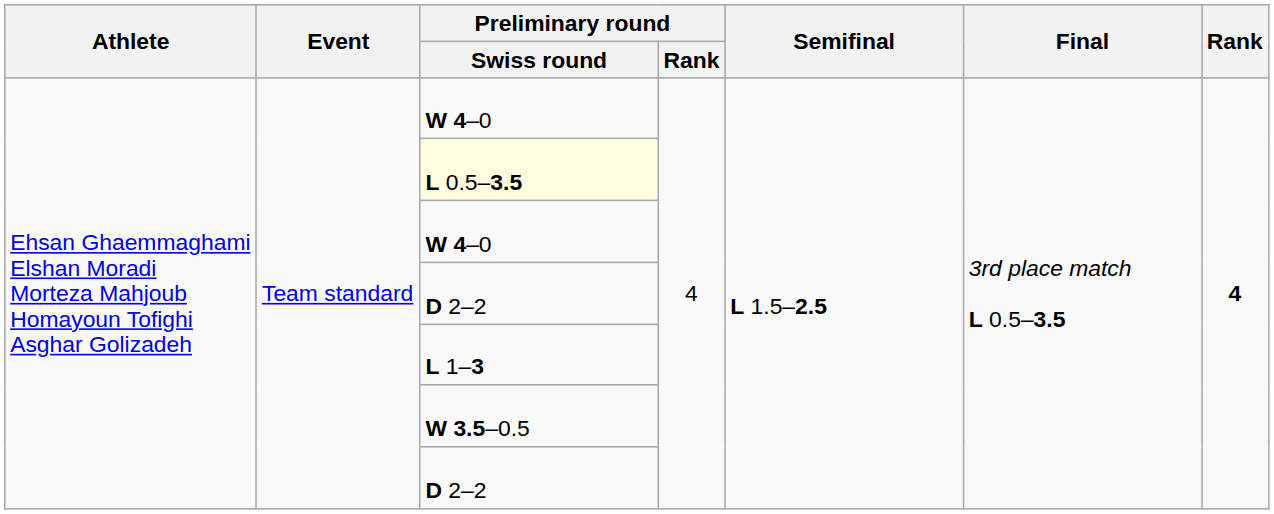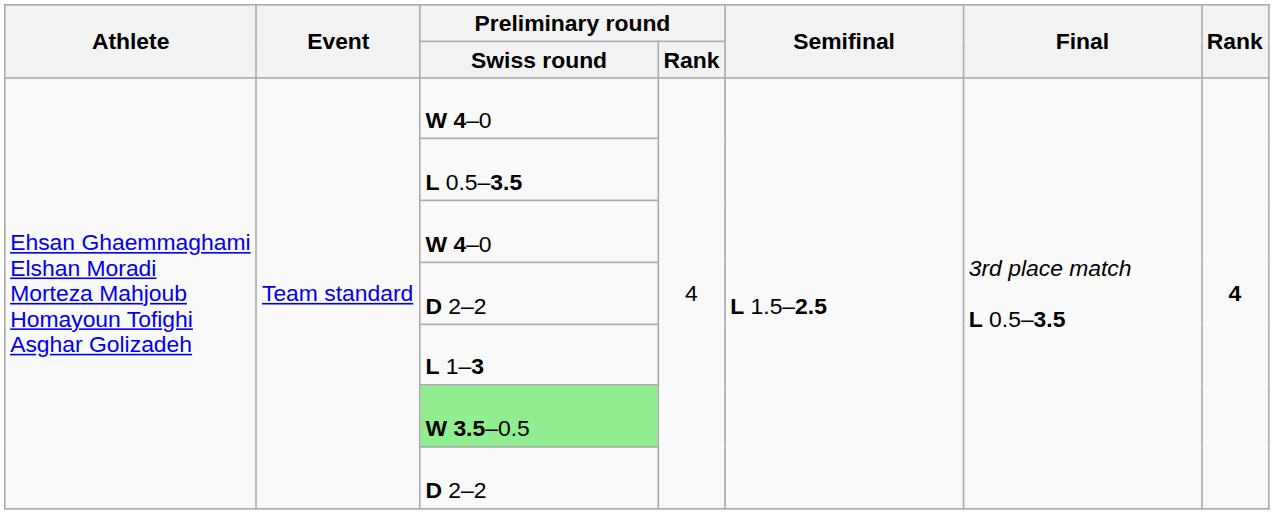 <table class="wikitable" width="90%" style="text-align:left; font-size:90%">
 <tr>
 <th rowspan="2" width="20%">Athlete</th>
 <th rowspan="2" width="13%">Event</th>
 <th colspan="2">Preliminary round</th>
 <th rowspan="2" width="19%">Semifinal</th>
 <th rowspan="2" width="19%">Final</th>
 <th rowspan="2" width="5%">Rank</th>
 </tr>
 <tr>
 <th width="19%">Swiss round</th>
 <th width="5%">Rank</th>
 </tr>
 <tr>
 <td rowspan=7><a href='#'>Ehsan Ghaemmaghami</a><br><a href='#'>Elshan Moradi</a><br><a href='#'>Morteza Mahjoub</a><br><a href='#'>Homayoun Tofighi</a><br><a href='#'>Asghar Golizadeh</a></td>
 <td rowspan=7><a href='#'>Team standard</a></td>
 <td><br><strong>W</strong> <strong>4</strong>–0</td>
 <td rowspan="7" align=center>4 <strong></strong></td>
 <td rowspan="7"><br><strong>L</strong> 1.5–<strong>2.5</strong></td>
 <td rowspan="7"><em>3rd place match</em><br><br><strong>L</strong> 0.5–<strong>3.5</strong></td>
 <td rowspan="7" align="center"><strong>4</strong></td>
 </tr>
 <tr>
-<td style="background: lightyellow;"><br><strong>L</strong> 0.5–<strong>3.5</strong></td>
+<td><br><strong>L</strong> 0.5–<strong>3.5</strong></td>
 </tr>
 <tr>
 <td><br><strong>W</strong> <strong>4</strong>–0</td>
 </tr>
 <tr>
 <td><br><strong>D</strong> 2–2</td>
 </tr>
 <tr>
 <td><br><strong>L</strong> 1–<strong>3</strong></td>
 </tr>
 <tr>
-<td><br><strong>W</strong> <strong>3.5</strong>–0.5</td>
+<td style="background: lightgreen;"><br><strong>W</strong> <strong>3.5</strong>–0.5</td>
 </tr>
 <tr>
 <td><br><strong>D</strong> 2–2</td>
 </tr>
 </table>
